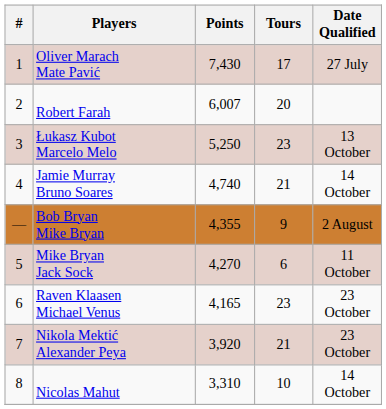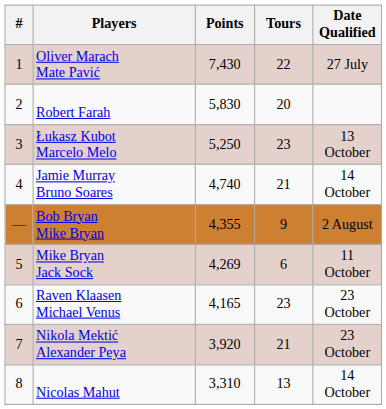 <table class="sortable wikitable" style="float:right;margin-left:1em;text-align:center;font-size:85%;text:justify;">
 <tr>
 <th width=20>#</th>
 <th width=150>Players</th>
 <th width=50>Points</th>
 <th width=50>Tours</th>
 <th width=60>Date Qualified</th>
 </tr>
 <tr align=center bgcolor=#e5d1cb>
 <td>1</td>
 <td align=left> <a href='#'>Oliver Marach</a><br> <a href='#'>Mate Pavić</a></td>
 <td>7,430</td>
-<td>17</td>
+<td>22</td>
 <td>27 July</td>
 </tr>
 <tr align=center>
 <td>2</td>
 <td align=left><br> <a href='#'>Robert Farah</a></td>
-<td>6,007</td>
+<td>5,830</td>
 <td>20</td>
 <td></td>
 </tr>
 <tr align=center bgcolor=#e5d1cb>
 <td>3</td>
 <td align=left> <a href='#'>Łukasz Kubot</a><br> <a href='#'>Marcelo Melo</a></td>
 <td>5,250</td>
 <td>23</td>
 <td>13 October</td>
 </tr>
 <tr align=center>
 <td>4</td>
 <td align=left> <a href='#'>Jamie Murray</a><br> <a href='#'>Bruno Soares</a></td>
 <td>4,740</td>
 <td>21</td>
 <td>14 October</td>
 </tr>
 <tr align=center bgcolor=#cd7f32>
 <td>—</td>
 <td align=left> <a href='#'>Bob Bryan</a><br> <a href='#'>Mike Bryan</a></td>
 <td>4,355</td>
 <td>9</td>
 <td>2 August</td>
 </tr>
 <tr align=center bgcolor=#e5d1cb>
 <td>5</td>
 <td align=left> <a href='#'>Mike Bryan</a><br> <a href='#'>Jack Sock</a></td>
-<td>4,270</td>
+<td>4,269</td>
 <td>6</td>
 <td>11 October</td>
 </tr>
 <tr align=center>
 <td>6</td>
 <td align=left> <a href='#'>Raven Klaasen</a><br> <a href='#'>Michael Venus</a></td>
 <td>4,165</td>
 <td>23</td>
 <td>23 October</td>
 </tr>
 <tr align=center bgcolor=#e5d1cb>
 <td>7</td>
 <td align=left> <a href='#'>Nikola Mektić</a><br> <a href='#'>Alexander Peya</a></td>
 <td>3,920</td>
 <td>21</td>
 <td>23 October</td>
 </tr>
 <tr align=center>
 <td>8</td>
 <td align=left><br> <a href='#'>Nicolas Mahut</a></td>
 <td>3,310</td>
-<td>10</td>
+<td>13</td>
 <td>14 October</td>
 </tr>
 <tr align=center>
 </tr>
 </table>
